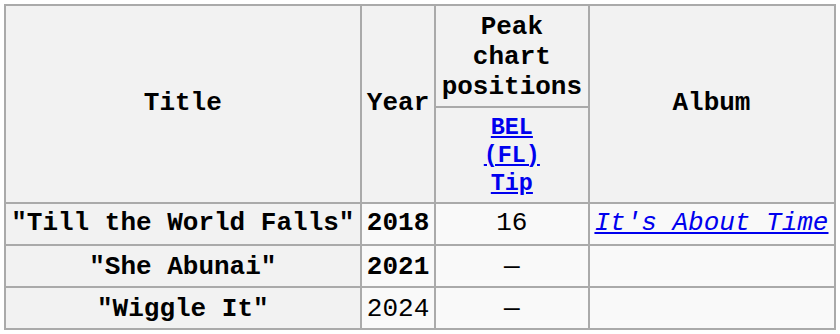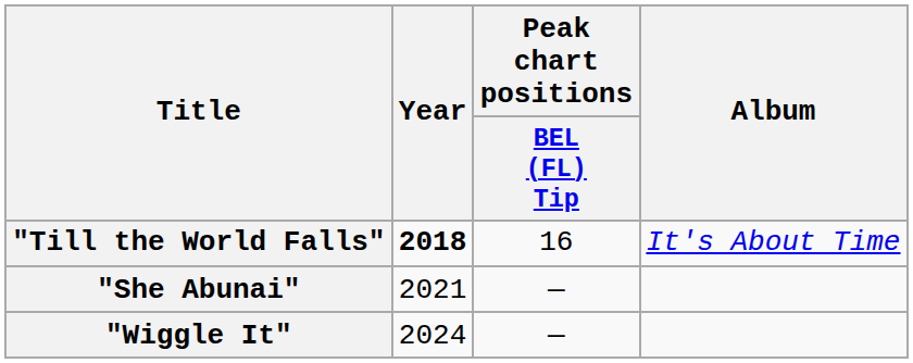 <table class="wikitable plainrowheaders" style="text-align:center;">
 <tr>
 <th scope="col" rowspan="2">Title</th>
 <th scope="col" rowspan="2">Year</th>
 <th scope="col">Peak chart positions</th>
 <th scope="col" rowspan="2">Album</th>
 </tr>
 <tr>
 <th scope="col" style="width:3em;font-size:90%;"><a href='#'>BEL<br>(FL)<br>Tip</a><br></th>
 </tr>
 <tr>
 <th scope="row">"Till the World Falls"<br></th>
 <td><strong>2018</strong></td>
 <td>16</td>
 <td><em><a href='#'>It's About Time</a></em></td>
 </tr>
 <tr>
 <th scope="row">"She Abunai"<br></th>
-<td><strong>2021</strong></td>
+<td>2021</td>
 <td>—</td>
 <td></td>
 </tr>
 <tr>
 <th scope="row">"Wiggle It"<br></th>
 <td>2024</td>
 <td>—</td>
 <td></td>
 </tr>
 </table>
